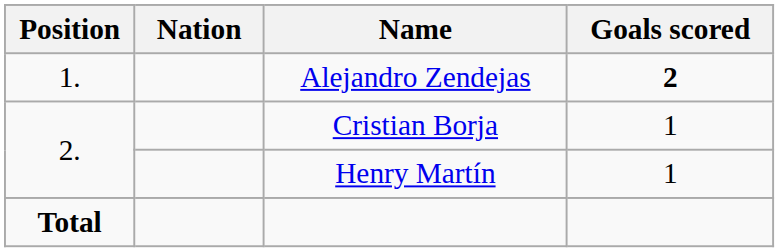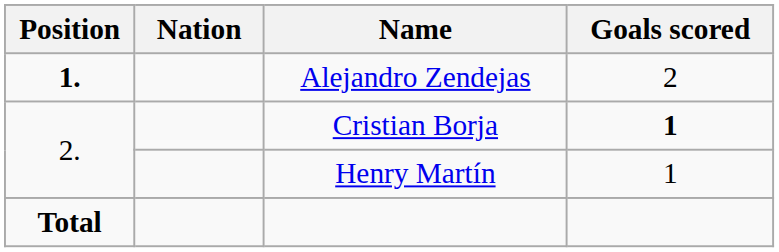 <table class="wikitable" style="font-size: 95%; text-align: center;">
 <tr>
 <th width="60">Position</th>
 <th width="60">Nation</th>
 <th width="150">Name</th>
 <th width="100">Goals scored</th>
 </tr>
 <tr>
-<td>1.</td>
+<td><strong>1.</strong></td>
 <td></td>
 <td><a href='#'>Alejandro Zendejas</a></td>
-<td><strong>2</strong></td>
+<td>2</td>
 </tr>
 <tr>
 <td rowspan="2">2.</td>
 <td></td>
 <td><a href='#'>Cristian Borja</a></td>
-<td>1</td>
+<td><strong>1</strong></td>
 </tr>
 <tr>
 <td></td>
 <td><a href='#'>Henry Martín</a></td>
 <td>1</td>
 </tr>
 <tr>
 <td><strong>Total</strong></td>
 <td></td>
 <td></td>
 <td></td>
 </tr>
 </table>
